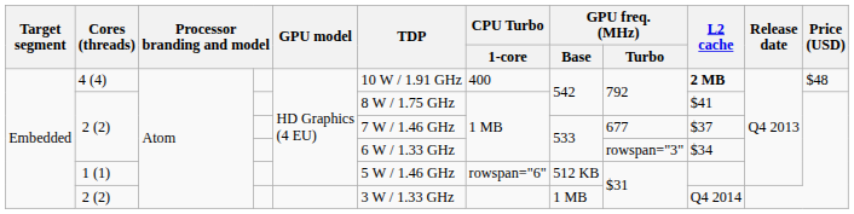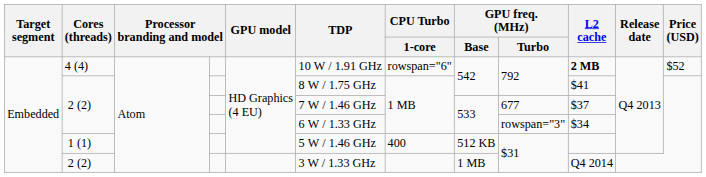 <table class="wikitable">
 <tr>
 <th rowspan=2>Target<br>segment</th>
 <th rowspan=2>Cores<br>(threads)</th>
 <th colspan=2 rowspan="2">Processor<br>branding and model</th>
 <th rowspan=2>GPU model</th>
 <th rowspan=2>TDP</th>
 <th>CPU Turbo</th>
 <th colspan=2>GPU freq.<br>(MHz)</th>
 <th rowspan=2><a href='#'>L2<br>cache</a></th>
 <th rowspan=2>Release<br>date</th>
 <th rowspan=2>Price<br>(USD)</th>
 </tr>
 <tr>
 <th>1-core</th>
 <th>Base</th>
 <th>Turbo</th>
 </tr>
 <tr>
 <td rowspan="6">Embedded</td>
 <td>4 (4)</td>
 <td rowspan="6">Atom</td>
 <td></td>
 <td rowspan="5">HD Graphics<br> (4 EU)</td>
 <td>10 W / 1.91 GHz</td>
-<td>400</td>
+<td>rowspan="6" </td>
 <td rowspan="2">542</td>
 <td rowspan="2">792</td>
 <td><strong>2 MB</strong></td>
 <td rowspan="5">Q4 2013</td>
-<td>$48</td>
+<td>$52</td>
 </tr>
 <tr>
 <td rowspan="3"> 2 (2)</td>
 <td></td>
 <td>8 W / 1.75 GHz</td>
 <td rowspan="3">1 MB</td>
 <td>$41</td>
 </tr>
 <tr>
 <td></td>
 <td>7 W / 1.46 GHz</td>
 <td rowspan="2">533</td>
 <td>677</td>
 <td>$37</td>
 </tr>
 <tr>
 <td></td>
 <td>6 W / 1.33 GHz</td>
 <td>rowspan="3" </td>
 <td>$34</td>
 </tr>
 <tr>
 <td> 1 (1)</td>
 <td></td>
 <td>5 W / 1.46 GHz</td>
-<td>rowspan="6" </td>
+<td>400</td>
 <td>512 KB</td>
 <td rowspan="2">$31</td>
 </tr>
 <tr>
 <td> 2 (2)</td>
 <td></td>
 <td></td>
 <td>3 W / 1.33 GHz</td>
 <td></td>
 <td>1 MB</td>
 <td>Q4 2014</td>
 </tr>
 </table>
